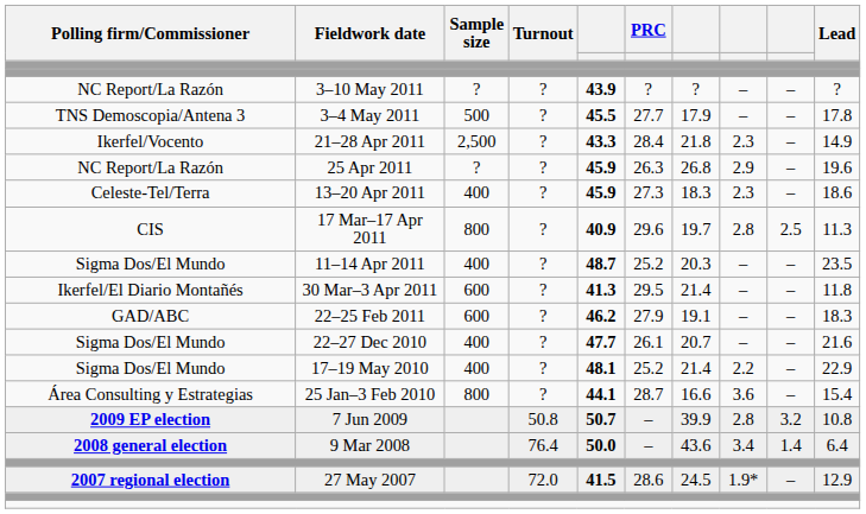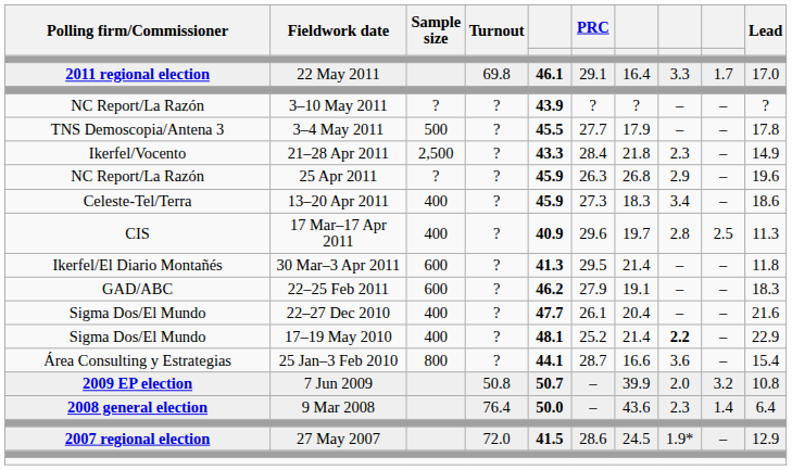 <table class="wikitable collapsible collapsed" style="text-align:center; font-size:95%; line-height:16px;">
 <tr style="height:42px;">
 <th style="width:250px;" rowspan="2">Polling firm/Commissioner</th>
 <th style="width:125px;" rowspan="2">Fieldwork date</th>
 <th style="width:50px;" rowspan="2">Sample size</th>
 <th style="width:45px;" rowspan="2">Turnout</th>
 <th style="width:35px;"></th>
 <th style="width:35px;"><a href='#'>PRC</a></th>
 <th style="width:35px;"></th>
 <th style="width:35px;"></th>
 <th style="width:35px;"></th>
 <th style="width:30px;" rowspan="2">Lead</th>
 </tr>
 <tr>
 <th style="color:inherit;background:"></th>
 <th style="color:inherit;background:"></th>
 <th style="color:inherit;background:"></th>
 <th style="color:inherit;background:"></th>
 <th style="color:inherit;background:"></th>
 </tr>
 <tr>
 <td colspan="10" style="background:#A0A0A0"></td>
+</tr>
+<tr style="background:#EFEFEF;">
+<td><strong><a href='#'>2011 regional election</a></strong></td>
+<td>22 May 2011</td>
+<td></td>
+<td>69.8</td>
+<td><strong>46.1</strong><br></td>
+<td>29.1<br></td>
+<td>16.4<br></td>
+<td>3.3<br></td>
+<td>1.7<br></td>
+<td style="background:">17.0</td>
 </tr>
 <tr>
 <td colspan="10" style="background:#A0A0A0"></td>
 </tr>
 <tr>
 <td>NC Report/La Razón</td>
 <td>3–10 May 2011</td>
 <td>?</td>
 <td>?</td>
 <td><strong>43.9</strong><br></td>
 <td>?<br></td>
 <td>?<br></td>
 <td>–</td>
 <td>–</td>
 <td style="background:">?</td>
 </tr>
 <tr>
 <td>TNS Demoscopia/Antena 3</td>
 <td>3–4 May 2011</td>
 <td>500</td>
 <td>?</td>
 <td><strong>45.5</strong><br></td>
 <td>27.7<br></td>
 <td>17.9<br></td>
 <td>–</td>
 <td>–</td>
 <td style="background:">17.8</td>
 </tr>
 <tr>
 <td>Ikerfel/Vocento</td>
 <td>21–28 Apr 2011</td>
 <td>2,500</td>
 <td>?</td>
 <td><strong>43.3</strong><br></td>
 <td>28.4<br></td>
 <td>21.8<br></td>
 <td>2.3<br></td>
 <td>–</td>
 <td style="background:">14.9</td>
 </tr>
 <tr>
 <td>NC Report/La Razón</td>
 <td>25 Apr 2011</td>
 <td>?</td>
 <td>?</td>
 <td><strong>45.9</strong><br></td>
 <td>26.3<br></td>
 <td>26.8<br></td>
 <td>2.9<br></td>
 <td>–</td>
 <td style="background:">19.6</td>
 </tr>
 <tr>
 <td>Celeste-Tel/Terra</td>
 <td>13–20 Apr 2011</td>
 <td>400</td>
 <td>?</td>
 <td><strong>45.9</strong><br></td>
 <td>27.3<br></td>
 <td>18.3<br></td>
-<td>2.3<br></td>
+<td>3.4<br></td>
 <td>–</td>
 <td style="background:">18.6</td>
 </tr>
 <tr>
 <td>CIS</td>
 <td>17 Mar–17 Apr 2011</td>
-<td>800</td>
+<td>400</td>
 <td>?</td>
 <td><strong>40.9</strong><br></td>
 <td>29.6<br></td>
 <td>19.7<br></td>
 <td>2.8<br></td>
 <td>2.5<br></td>
 <td style="background:">11.3</td>
-</tr>
-<tr>
-<td>Sigma Dos/El Mundo</td>
-<td>11–14 Apr 2011</td>
-<td>400</td>
-<td>?</td>
-<td><strong>48.7</strong><br></td>
-<td>25.2<br></td>
-<td>20.3<br></td>
-<td>–</td>
-<td>–</td>
-<td style="background:">23.5</td>
 </tr>
 <tr>
 <td>Ikerfel/El Diario Montañés</td>
 <td>30 Mar–3 Apr 2011</td>
 <td>600</td>
 <td>?</td>
 <td><strong>41.3</strong><br></td>
 <td>29.5<br></td>
 <td>21.4<br></td>
 <td>–</td>
 <td>–</td>
 <td style="background:">11.8</td>
 </tr>
 <tr>
 <td>GAD/ABC</td>
 <td>22–25 Feb 2011</td>
 <td>600</td>
 <td>?</td>
 <td><strong>46.2</strong><br></td>
 <td>27.9<br></td>
 <td>19.1<br></td>
 <td>–</td>
 <td>–</td>
 <td style="background:">18.3</td>
 </tr>
 <tr>
 <td>Sigma Dos/El Mundo</td>
 <td>22–27 Dec 2010</td>
 <td>400</td>
 <td>?</td>
 <td><strong>47.7</strong><br></td>
 <td>26.1<br></td>
-<td>20.7<br></td>
+<td>20.4<br></td>
 <td>–</td>
 <td>–</td>
 <td style="background:">21.6</td>
 </tr>
 <tr>
 <td>Sigma Dos/El Mundo</td>
 <td>17–19 May 2010</td>
 <td>400</td>
 <td>?</td>
 <td><strong>48.1</strong><br></td>
 <td>25.2<br></td>
 <td>21.4<br></td>
-<td>2.2<br></td>
+<td><strong>2.2<br></strong></td>
 <td>–</td>
 <td style="background:">22.9</td>
 </tr>
 <tr>
 <td>Área Consulting y Estrategias</td>
 <td>25 Jan–3 Feb 2010</td>
 <td>800</td>
 <td>?</td>
 <td><strong>44.1</strong><br></td>
 <td>28.7<br></td>
 <td>16.6<br></td>
 <td>3.6<br></td>
 <td>–</td>
 <td style="background:">15.4</td>
 </tr>
 <tr style="background:#EFEFEF;">
 <td><strong><a href='#'>2009 EP election</a></strong></td>
 <td>7 Jun 2009</td>
 <td></td>
 <td>50.8</td>
 <td><strong>50.7</strong><br></td>
 <td>–</td>
 <td>39.9<br></td>
-<td>2.8<br></td>
+<td>2.0<br></td>
 <td>3.2<br></td>
 <td style="background:">10.8</td>
 </tr>
 <tr style="background:#EFEFEF;">
 <td><strong><a href='#'>2008 general election</a></strong></td>
 <td>9 Mar 2008</td>
 <td></td>
 <td>76.4</td>
 <td><strong>50.0</strong><br></td>
 <td>–</td>
 <td>43.6<br></td>
-<td>3.4<br></td>
+<td>2.3<br></td>
 <td>1.4<br></td>
 <td style="background:">6.4</td>
 </tr>
 <tr>
 <td colspan="10" style="background:#A0A0A0"></td>
 </tr>
 <tr style="background:#EFEFEF;">
 <td><strong><a href='#'>2007 regional election</a></strong></td>
 <td>27 May 2007</td>
 <td></td>
 <td>72.0</td>
 <td><strong>41.5</strong><br></td>
 <td>28.6<br></td>
 <td>24.5<br></td>
 <td>1.9*<br></td>
 <td>–</td>
 <td style="background:">12.9</td>
 </tr>
 <tr>
 <td colspan="10" style="background:#A0A0A0"></td>
 </tr>
 <tr>
 <td align="left" colspan="10"></td>
 </tr>
 </table>
